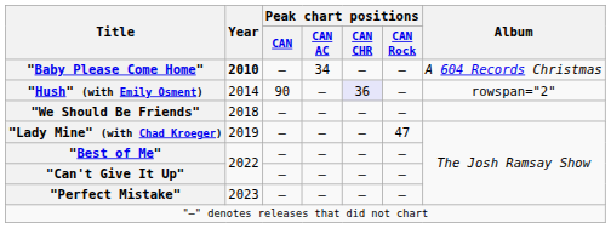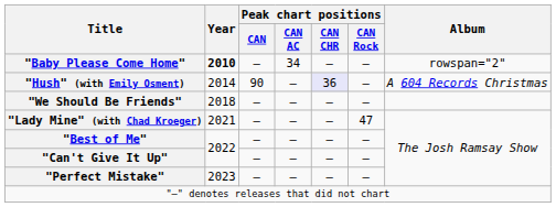 <table class="wikitable plainrowheaders" style="text-align:center;" border="1">
 <tr>
 <th scope="col" rowspan="2">Title</th>
 <th scope="col" rowspan="2">Year</th>
 <th scope="col" colspan="4">Peak chart positions</th>
 <th scope="col" rowspan="2">Album</th>
 </tr>
 <tr>
 <th scope="col" style="width:3em;font-size:90%;"><a href='#'>CAN</a><br></th>
 <th scope="col" style="width:3em;font-size:90%;"><a href='#'>CAN<br>AC</a><br></th>
 <th scope="col" style="width:3em;font-size:90%;"><a href='#'>CAN<br>CHR</a><br></th>
 <th scope="col" style="width:3em;font-size:90%;"><a href='#'>CAN<br>Rock</a><br></th>
 </tr>
 <tr>
 <th scope="row">"<a href='#'>Baby Please Come Home</a>"</th>
 <td><strong>2010</strong></td>
 <td>—</td>
 <td>34</td>
 <td>—</td>
 <td>—</td>
-<td><em>A <a href='#'>604 Records</a> Christmas</em></td>
+<td>rowspan="2" </td>
 </tr>
 <tr>
 <th scope="row">"<a href='#'>Hush</a>" <small>(with <a href='#'>Emily Osment</a>)</small></th>
 <td>2014</td>
 <td>90</td>
 <td>—</td>
 <td style="background: lavender;">36</td>
 <td>—</td>
-<td>rowspan="2" </td>
+<td><em>A <a href='#'>604 Records</a> Christmas</em></td>
 </tr>
 <tr>
 <th scope="row">"We Should Be Friends"</th>
 <td>2018</td>
 <td>—</td>
 <td>—</td>
 <td>—</td>
 <td>—</td>
 </tr>
 <tr>
 <th scope="row">"Lady Mine" <small>(with <a href='#'>Chad Kroeger</a>)</small></th>
-<td>2019</td>
+<td>2021</td>
 <td>—</td>
 <td>—</td>
 <td>—</td>
 <td>47</td>
 <td rowspan=4><em>The Josh Ramsay Show</em></td>
 </tr>
 <tr>
 <th scope="row">"<a href='#'>Best of Me</a>"<br> </th>
 <td rowspan="2">2022</td>
 <td>—</td>
 <td>—</td>
 <td>—</td>
 <td>—</td>
 </tr>
 <tr>
 <th scope="row">"Can't Give It Up"<br> </th>
 <td>—</td>
 <td>—</td>
 <td>—</td>
 <td>—</td>
 </tr>
 <tr>
 <th scope="row">"Perfect Mistake"<br> </th>
 <td>2023</td>
 <td>—</td>
 <td>—</td>
 <td>—</td>
 <td>—</td>
 </tr>
 <tr>
 <td colspan="8" style="font-size:8pt">"—" denotes releases that did not chart</td>
 </tr>
 </table>
